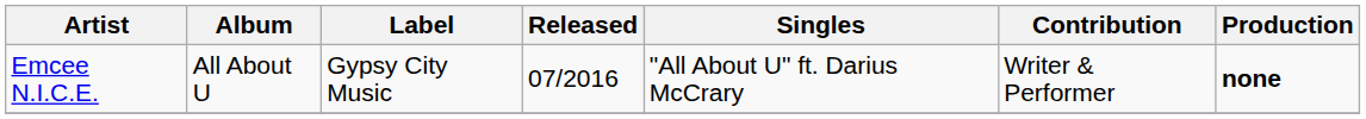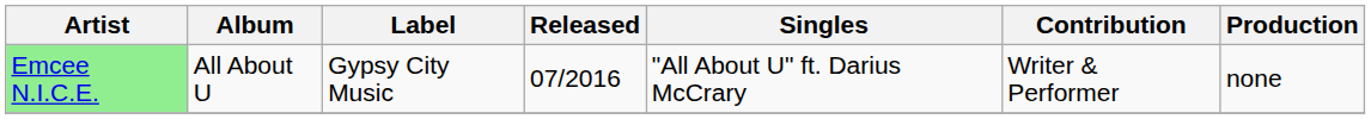 <table class="wikitable">
 <tr>
 <th>Artist</th>
 <th>Album</th>
 <th>Label</th>
 <th>Released</th>
 <th>Singles</th>
 <th>Contribution</th>
 <th>Production</th>
 </tr>
 <tr>
-<td><a href='#'>Emcee N.I.C.E.</a></td>
+<td style="background: lightgreen;"><a href='#'>Emcee N.I.C.E.</a></td>
 <td>All About U</td>
 <td>Gypsy City Music</td>
 <td>07/2016</td>
 <td>"All About U" ft. Darius McCrary</td>
 <td>Writer & Performer</td>
-<td><strong>none</strong></td>
+<td>none</td>
 </tr>
 <tr>
 </tr>
 </table>
